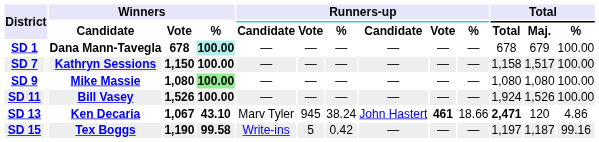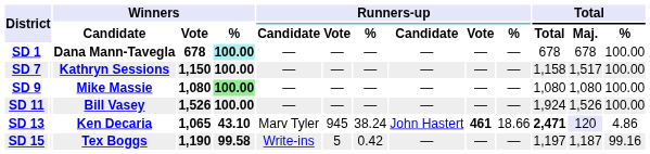 <table class="toccolours sortable" style="text-align:center;">
 <tr style="background:lavender">
 <th rowspan="3" colspan="2">District</th>
 <th colspan=3>Winners</th>
 <th colspan=6>Runners-up</th>
 <th colspan=3>Total</th>
 </tr>
 <tr>
 <th colspan=3 style="background-color:"></th>
 <th colspan=6 style="background-color:#51C2C2"></th>
 <th colspan=3 style="background-color:#000000"></th>
 </tr>
 <tr>
 <th align="center">Candidate</th>
 <th align="center">Vote</th>
 <th align="center">%</th>
 <th align="center">Candidate</th>
 <th align="center">Vote</th>
 <th align="center">%</th>
 <th align="center">Candidate</th>
 <th align="center">Vote</th>
 <th align="center">%</th>
 <th align="center">Total</th>
 <th align="center">Maj.</th>
 <th align="center">%</th>
 </tr>
 <tr>
 <th><a href='#'>SD 1</a></th>
 <td style="background-color:"></td>
 <td><strong>Dana Mann-Tavegla</strong></td>
 <td><strong>678</strong></td>
 <td style="background: paleturquoise;"><strong>100.00</strong></td>
 <td>—</td>
 <td>—</td>
 <td>—</td>
 <td>—</td>
 <td>—</td>
 <td>—</td>
 <td>678</td>
-<td>679</td>
+<td>678</td>
 <td>100.00</td>
 </tr>
 <tr style="background:#EEEEEE;">
 <th><a href='#'>SD 7</a></th>
 <td style="background-color:"></td>
 <td><strong><a href='#'>Kathryn Sessions</a></strong></td>
 <td><strong>1,150</strong></td>
 <td><strong>100.00</strong></td>
 <td>—</td>
 <td>—</td>
 <td>—</td>
 <td>—</td>
 <td>—</td>
 <td>—</td>
 <td>1,158</td>
 <td>1,517</td>
 <td>100.00</td>
 </tr>
 <tr>
 <th><a href='#'>SD 9</a></th>
 <td style="background-color:"></td>
 <td><strong><a href='#'>Mike Massie</a></strong></td>
 <td><strong>1,080</strong></td>
 <td style="background: lightgreen;"><strong>100.00</strong></td>
 <td>—</td>
 <td>—</td>
 <td>—</td>
 <td>—</td>
 <td>—</td>
 <td>—</td>
 <td>1,080</td>
 <td>1,080</td>
 <td>100.00</td>
 </tr>
 <tr style="background:#EEEEEE;">
 <th><a href='#'>SD 11</a></th>
 <td style="background-color:"></td>
 <td><strong><a href='#'>Bill Vasey</a></strong></td>
 <td><strong>1,526</strong></td>
 <td><strong>100.00</strong></td>
 <td>—</td>
 <td>—</td>
 <td>—</td>
 <td>—</td>
 <td>—</td>
 <td>—</td>
 <td>1,924</td>
 <td>1,526</td>
 <td>100.00</td>
 </tr>
 <tr>
 <th><a href='#'>SD 13</a></th>
 <td style="background-color:"></td>
 <td><strong><a href='#'>Ken Decaria</a></strong></td>
-<td><strong>1,067</strong></td>
+<td><strong>1,065</strong></td>
 <td><strong>43.10</strong></td>
 <td>Marv Tyler</td>
 <td>945</td>
 <td>38.24</td>
 <td><a href='#'>John Hastert</a></td>
 <td><strong>461</strong></td>
 <td>18.66</td>
 <td><strong>2,471</strong></td>
-<td>120</td>
+<td style="background: lavender;">120</td>
 <td>4.86</td>
 </tr>
 <tr style="background:#EEEEEE;">
 <th><a href='#'>SD 15</a></th>
 <td style="background-color:"></td>
 <td><strong><a href='#'>Tex Boggs</a></strong></td>
 <td><strong>1,190</strong></td>
 <td><strong>99.58</strong></td>
 <td><a href='#'>Write-ins</a></td>
 <td>5</td>
 <td>0.42</td>
 <td>—</td>
 <td>—</td>
 <td>—</td>
 <td>1,197</td>
 <td>1,187</td>
 <td>99.16</td>
 </tr>
 </table>
